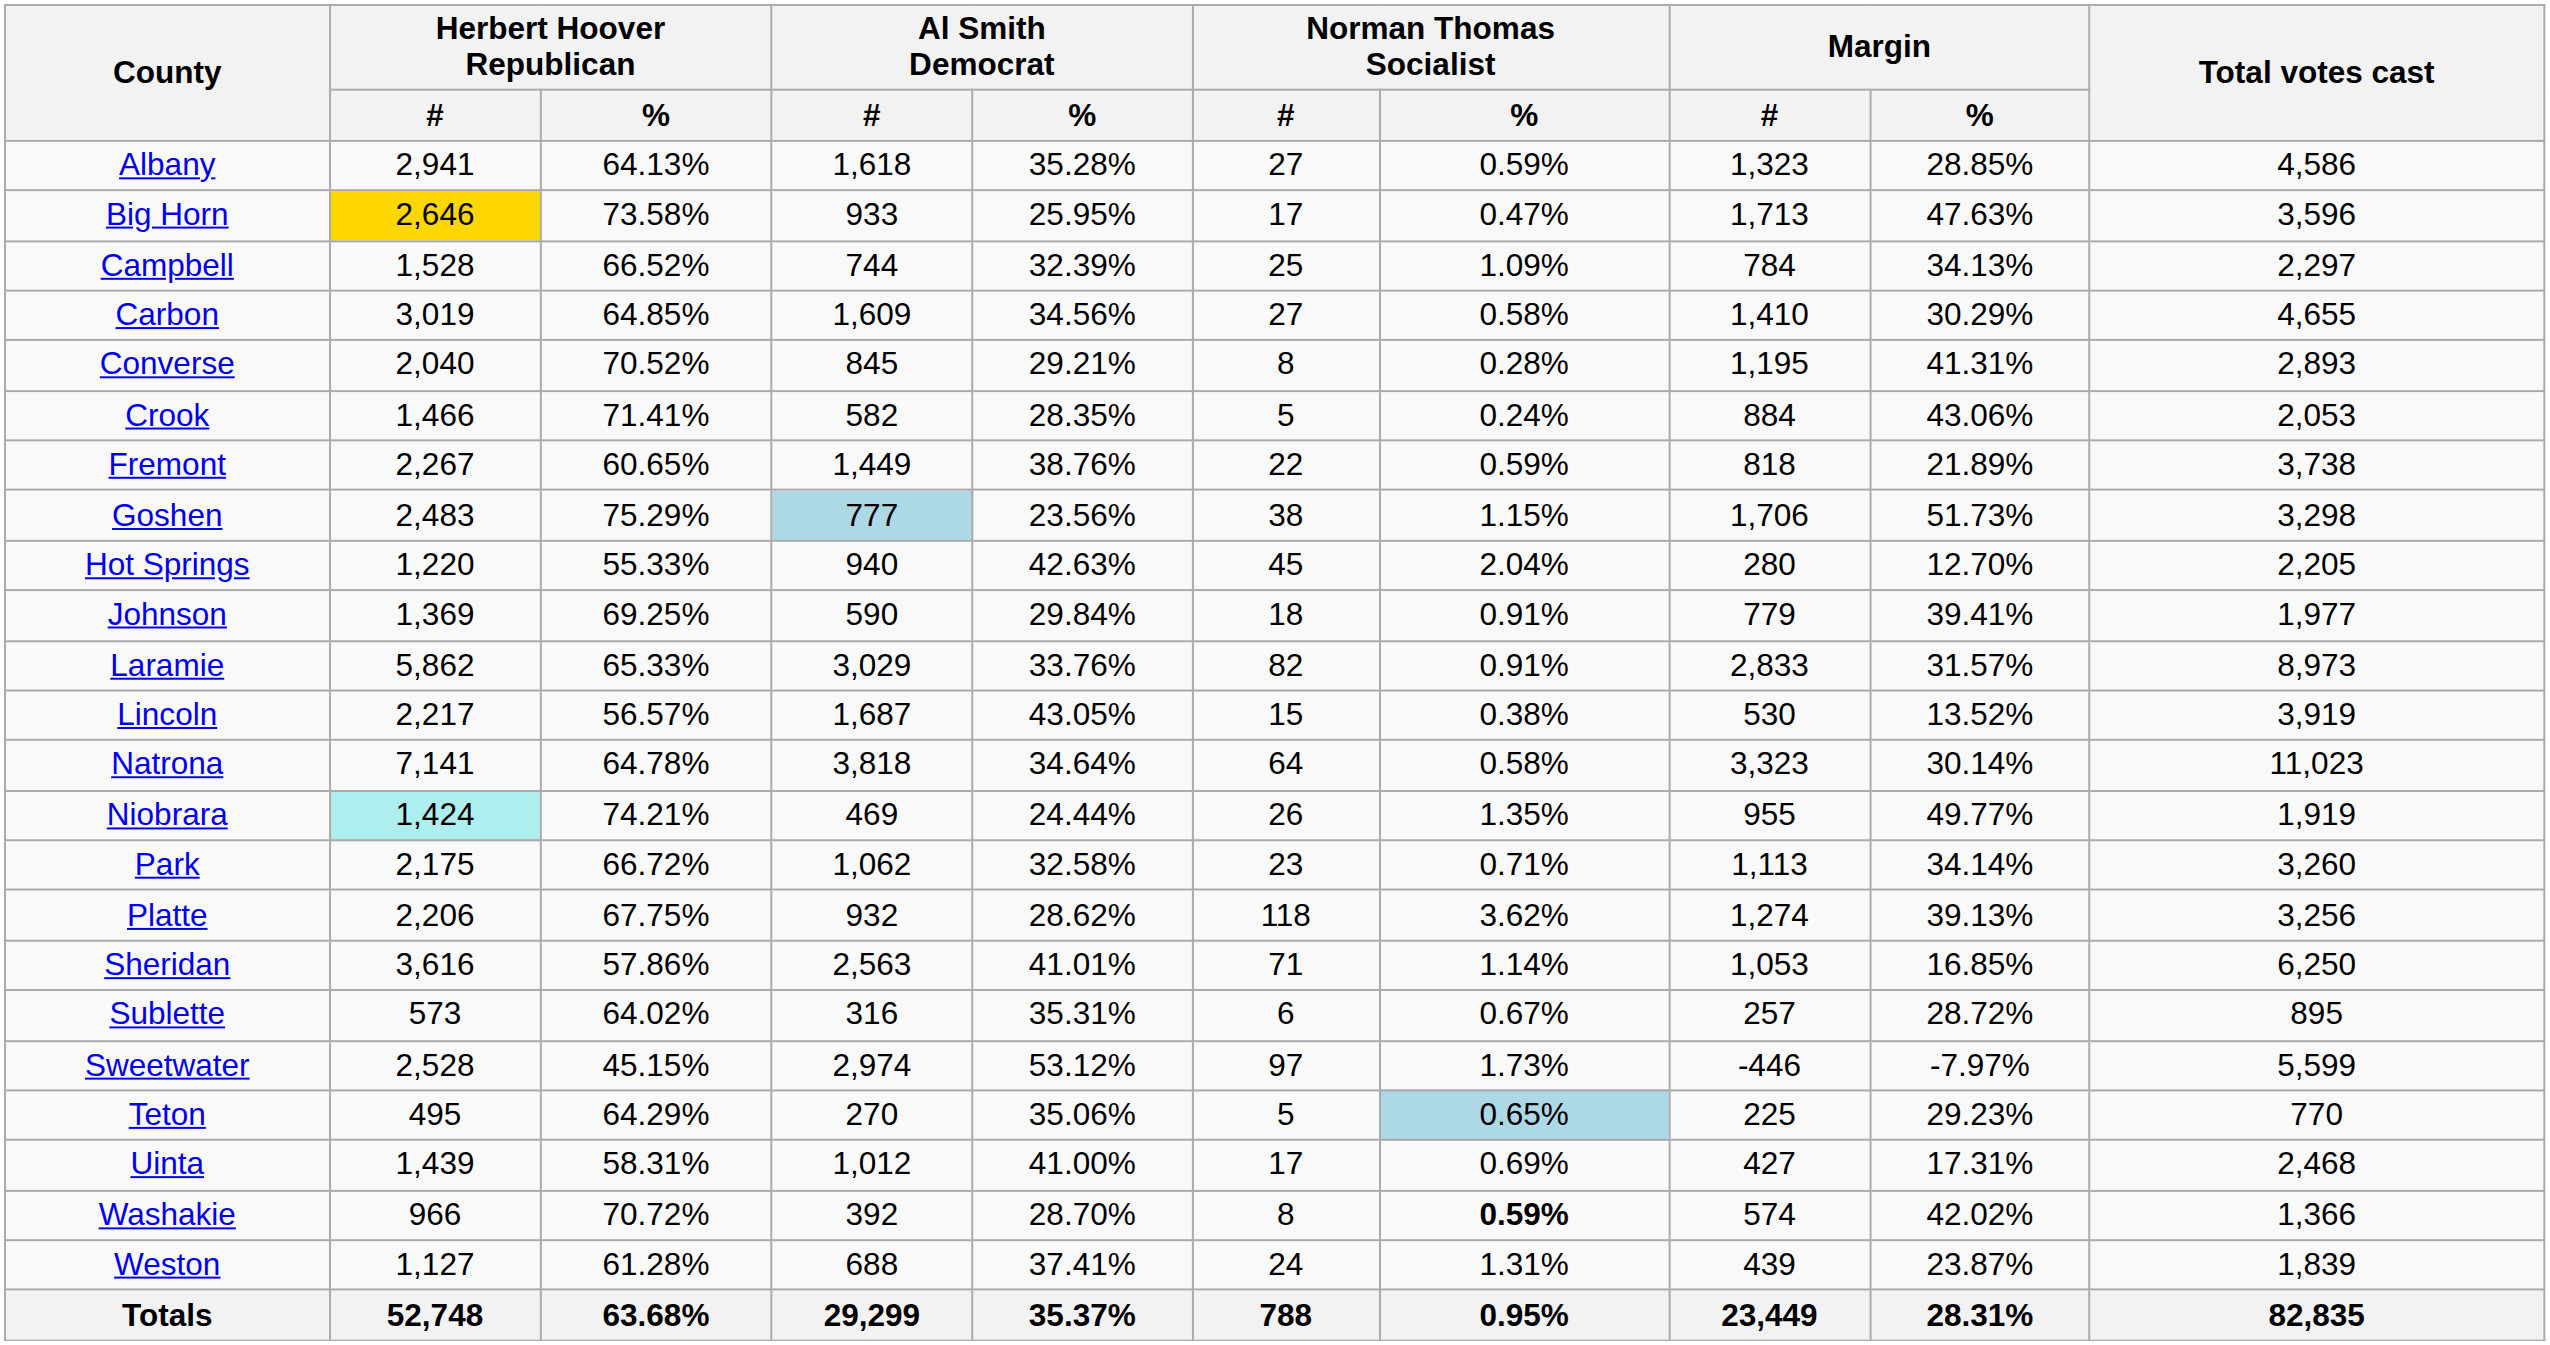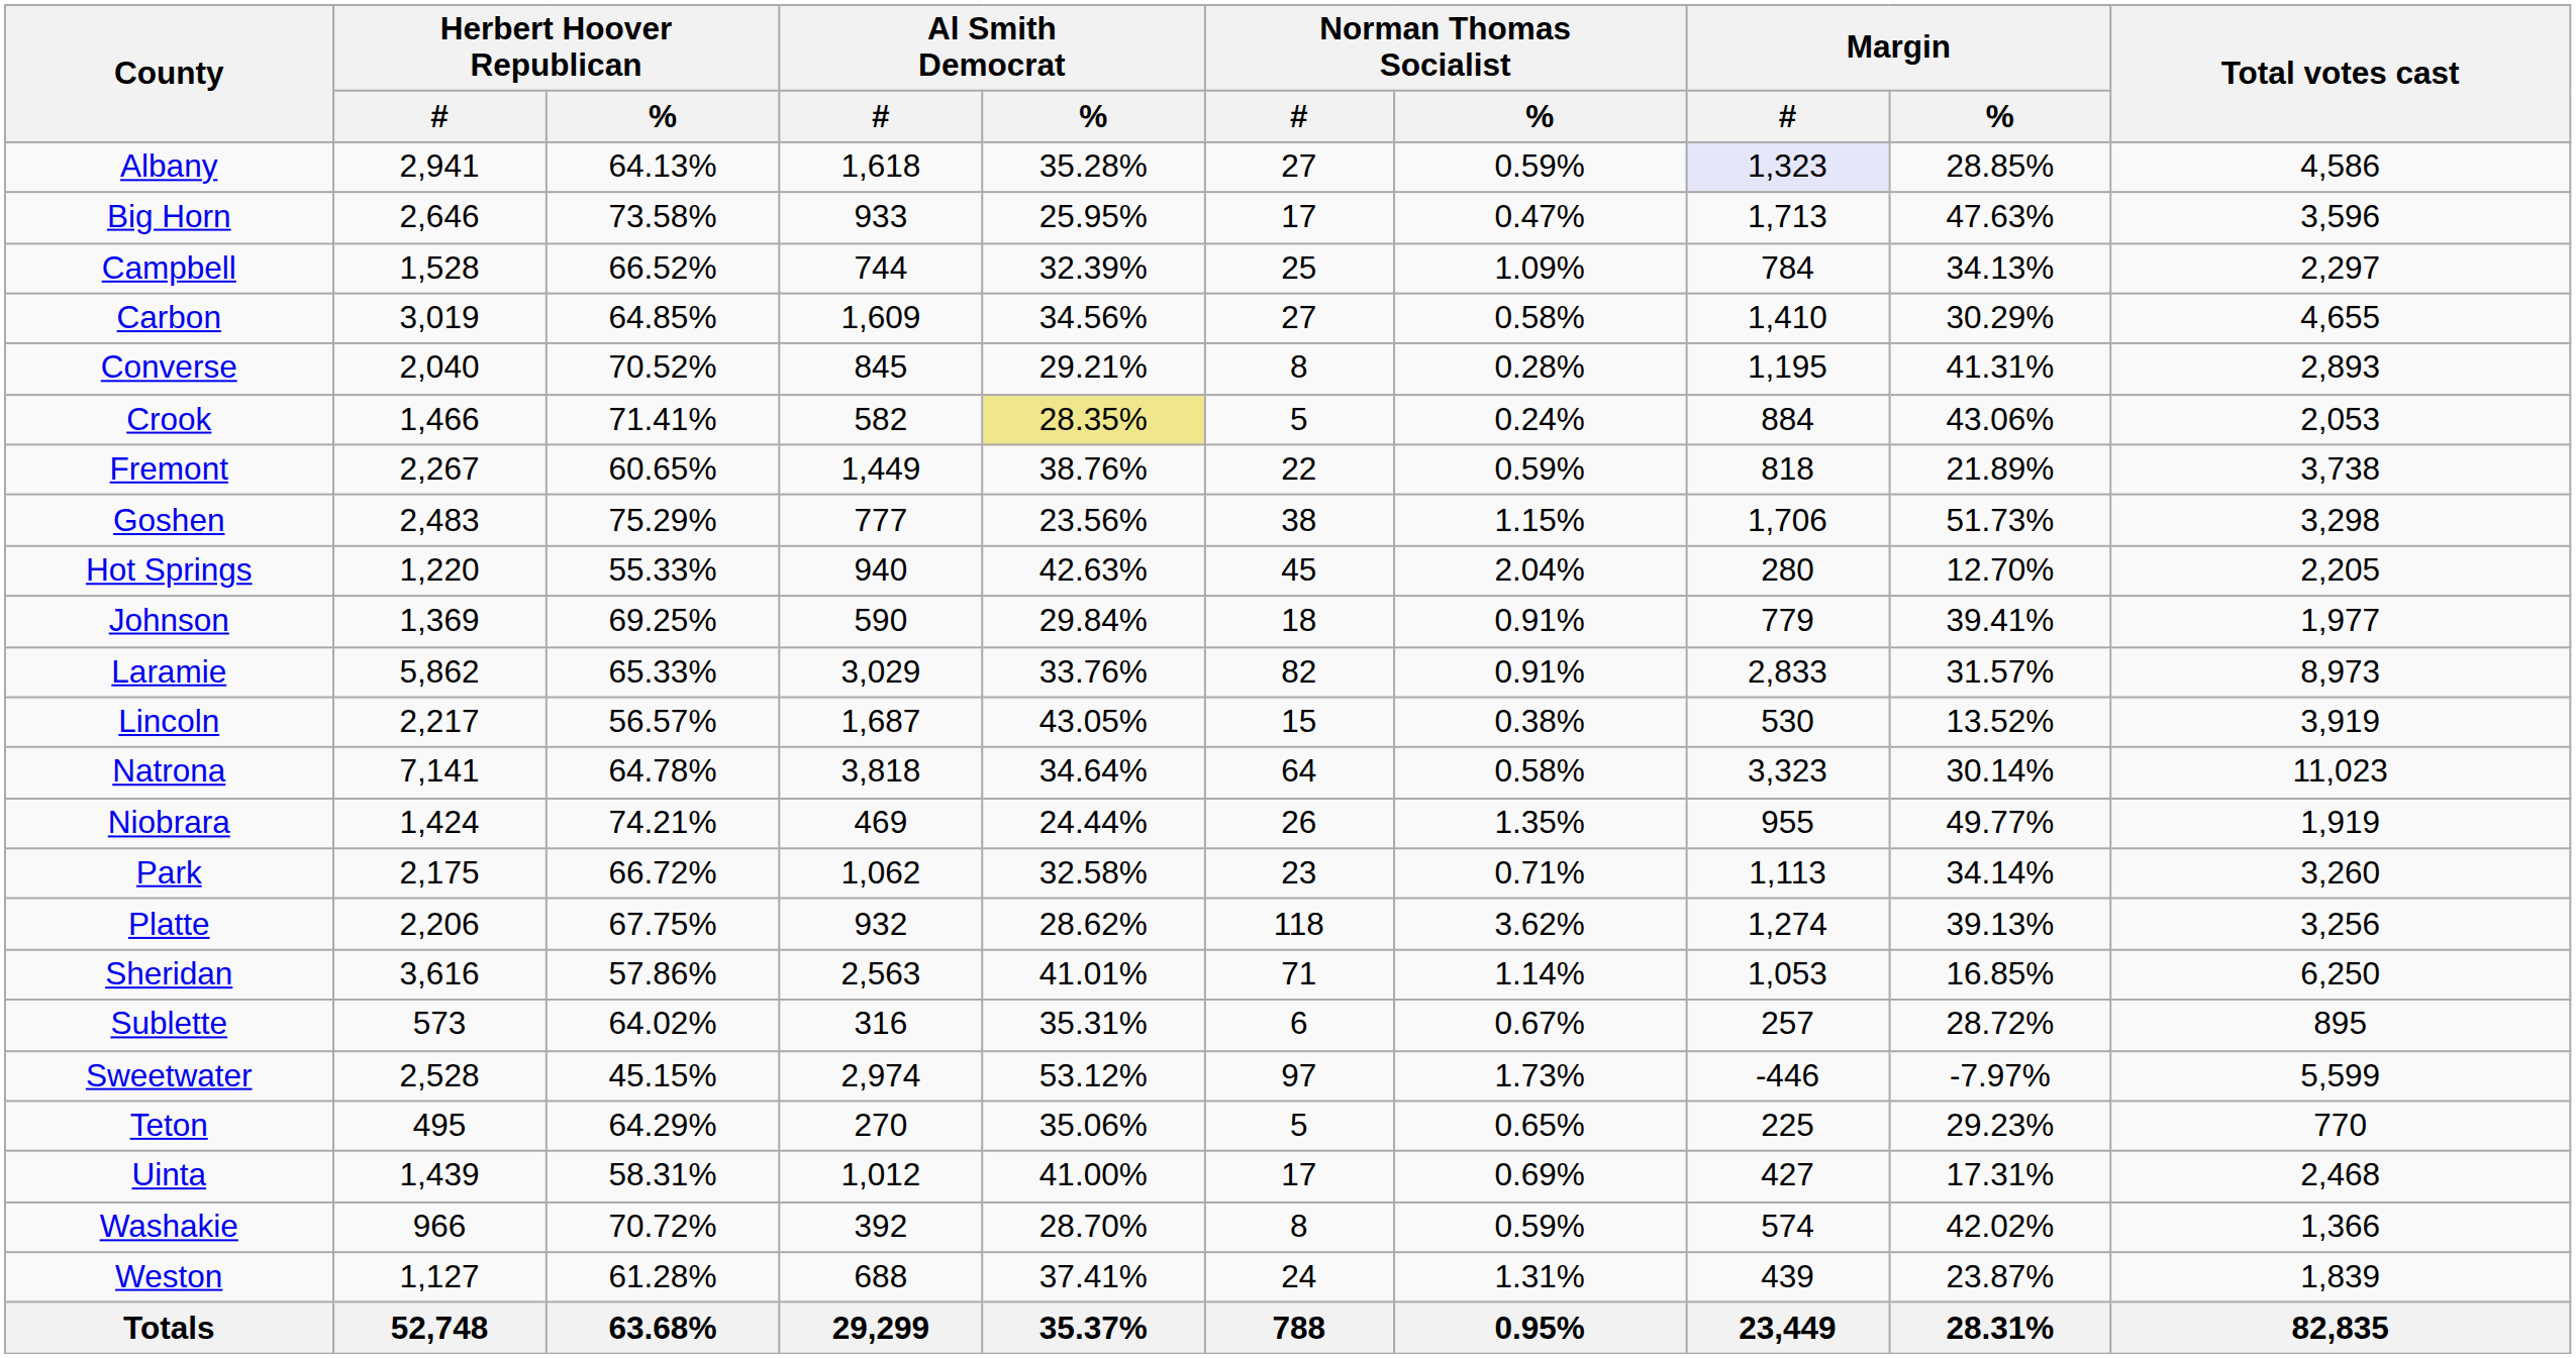 <table width="65%"  class="wikitable sortable" style="text-align:center">
 <tr>
 <th style="text-align:center;" rowspan="2">County</th>
 <th style="text-align:center;" colspan="2">Herbert Hoover<br>Republican</th>
 <th style="text-align:center;" colspan="2">Al Smith<br>Democrat</th>
 <th style="text-align:center;" colspan="2">Norman Thomas<br>Socialist</th>
 <th style="text-align:center;" colspan="2">Margin</th>
 <th style="text-align:center;" rowspan="2">Total votes cast</th>
 </tr>
 <tr>
 <th style="text-align:center;" data-sort-type="number">#</th>
 <th style="text-align:center;" data-sort-type="number">%</th>
 <th style="text-align:center;" data-sort-type="number">#</th>
 <th style="text-align:center;" data-sort-type="number">%</th>
 <th style="text-align:center;" data-sort-type="number">#</th>
 <th style="text-align:center;" data-sort-type="number">%</th>
 <th style="text-align:center;" data-sort-type="number">#</th>
 <th style="text-align:center;" data-sort-type="number">%</th>
 </tr>
 <tr style="text-align:center;">
 <td><a href='#'>Albany</a></td>
 <td>2,941</td>
 <td>64.13%</td>
 <td>1,618</td>
 <td>35.28%</td>
 <td>27</td>
 <td>0.59%</td>
-<td>1,323</td>
+<td style="background: lavender;">1,323</td>
 <td>28.85%</td>
 <td>4,586</td>
 </tr>
 <tr style="text-align:center;">
 <td><a href='#'>Big Horn</a></td>
-<td style="background: gold;">2,646</td>
+<td>2,646</td>
 <td>73.58%</td>
 <td>933</td>
 <td>25.95%</td>
 <td>17</td>
 <td>0.47%</td>
 <td>1,713</td>
 <td>47.63%</td>
 <td>3,596</td>
 </tr>
 <tr style="text-align:center;">
 <td><a href='#'>Campbell</a></td>
 <td>1,528</td>
 <td>66.52%</td>
 <td>744</td>
 <td>32.39%</td>
 <td>25</td>
 <td>1.09%</td>
 <td>784</td>
 <td>34.13%</td>
 <td>2,297</td>
 </tr>
 <tr style="text-align:center;">
 <td><a href='#'>Carbon</a></td>
 <td>3,019</td>
 <td>64.85%</td>
 <td>1,609</td>
 <td>34.56%</td>
 <td>27</td>
 <td>0.58%</td>
 <td>1,410</td>
 <td>30.29%</td>
 <td>4,655</td>
 </tr>
 <tr style="text-align:center;">
 <td><a href='#'>Converse</a></td>
 <td>2,040</td>
 <td>70.52%</td>
 <td>845</td>
 <td>29.21%</td>
 <td>8</td>
 <td>0.28%</td>
 <td>1,195</td>
 <td>41.31%</td>
 <td>2,893</td>
 </tr>
 <tr style="text-align:center;">
 <td><a href='#'>Crook</a></td>
 <td>1,466</td>
 <td>71.41%</td>
 <td>582</td>
-<td>28.35%</td>
+<td style="background: khaki;">28.35%</td>
 <td>5</td>
 <td>0.24%</td>
 <td>884</td>
 <td>43.06%</td>
 <td>2,053</td>
 </tr>
 <tr style="text-align:center;">
 <td><a href='#'>Fremont</a></td>
 <td>2,267</td>
 <td>60.65%</td>
 <td>1,449</td>
 <td>38.76%</td>
 <td>22</td>
 <td>0.59%</td>
 <td>818</td>
 <td>21.89%</td>
 <td>3,738</td>
 </tr>
 <tr style="text-align:center;">
 <td><a href='#'>Goshen</a></td>
 <td>2,483</td>
 <td>75.29%</td>
-<td style="background: lightblue;">777</td>
+<td>777</td>
 <td>23.56%</td>
 <td>38</td>
 <td>1.15%</td>
 <td>1,706</td>
 <td>51.73%</td>
 <td>3,298</td>
 </tr>
 <tr style="text-align:center;">
 <td><a href='#'>Hot Springs</a></td>
 <td>1,220</td>
 <td>55.33%</td>
 <td>940</td>
 <td>42.63%</td>
 <td>45</td>
 <td>2.04%</td>
 <td>280</td>
 <td>12.70%</td>
 <td>2,205</td>
 </tr>
 <tr style="text-align:center;">
 <td><a href='#'>Johnson</a></td>
 <td>1,369</td>
 <td>69.25%</td>
 <td>590</td>
 <td>29.84%</td>
 <td>18</td>
 <td>0.91%</td>
 <td>779</td>
 <td>39.41%</td>
 <td>1,977</td>
 </tr>
 <tr style="text-align:center;">
 <td><a href='#'>Laramie</a></td>
 <td>5,862</td>
 <td>65.33%</td>
 <td>3,029</td>
 <td>33.76%</td>
 <td>82</td>
 <td>0.91%</td>
 <td>2,833</td>
 <td>31.57%</td>
 <td>8,973</td>
 </tr>
 <tr style="text-align:center;">
 <td><a href='#'>Lincoln</a></td>
 <td>2,217</td>
 <td>56.57%</td>
 <td>1,687</td>
 <td>43.05%</td>
 <td>15</td>
 <td>0.38%</td>
 <td>530</td>
 <td>13.52%</td>
 <td>3,919</td>
 </tr>
 <tr style="text-align:center;">
 <td><a href='#'>Natrona</a></td>
 <td>7,141</td>
 <td>64.78%</td>
 <td>3,818</td>
 <td>34.64%</td>
 <td>64</td>
 <td>0.58%</td>
 <td>3,323</td>
 <td>30.14%</td>
 <td>11,023</td>
 </tr>
 <tr style="text-align:center;">
 <td><a href='#'>Niobrara</a></td>
-<td style="background: paleturquoise;">1,424</td>
+<td>1,424</td>
 <td>74.21%</td>
 <td>469</td>
 <td>24.44%</td>
 <td>26</td>
 <td>1.35%</td>
 <td>955</td>
 <td>49.77%</td>
 <td>1,919</td>
 </tr>
 <tr style="text-align:center;">
 <td><a href='#'>Park</a></td>
 <td>2,175</td>
 <td>66.72%</td>
 <td>1,062</td>
 <td>32.58%</td>
 <td>23</td>
 <td>0.71%</td>
 <td>1,113</td>
 <td>34.14%</td>
 <td>3,260</td>
 </tr>
 <tr style="text-align:center;">
 <td><a href='#'>Platte</a></td>
 <td>2,206</td>
 <td>67.75%</td>
 <td>932</td>
 <td>28.62%</td>
 <td>118</td>
 <td>3.62%</td>
 <td>1,274</td>
 <td>39.13%</td>
 <td>3,256</td>
 </tr>
 <tr style="text-align:center;">
 <td><a href='#'>Sheridan</a></td>
 <td>3,616</td>
 <td>57.86%</td>
 <td>2,563</td>
 <td>41.01%</td>
 <td>71</td>
 <td>1.14%</td>
 <td>1,053</td>
 <td>16.85%</td>
 <td>6,250</td>
 </tr>
 <tr style="text-align:center;">
 <td><a href='#'>Sublette</a></td>
 <td>573</td>
 <td>64.02%</td>
 <td>316</td>
 <td>35.31%</td>
 <td>6</td>
 <td>0.67%</td>
 <td>257</td>
 <td>28.72%</td>
 <td>895</td>
 </tr>
 <tr style="text-align:center;">
 <td><a href='#'>Sweetwater</a></td>
 <td>2,528</td>
 <td>45.15%</td>
 <td>2,974</td>
 <td>53.12%</td>
 <td>97</td>
 <td>1.73%</td>
 <td>-446</td>
 <td>-7.97%</td>
 <td>5,599</td>
 </tr>
 <tr style="text-align:center;">
 <td><a href='#'>Teton</a></td>
 <td>495</td>
 <td>64.29%</td>
 <td>270</td>
 <td>35.06%</td>
 <td>5</td>
-<td style="background: lightblue;">0.65%</td>
+<td>0.65%</td>
 <td>225</td>
 <td>29.23%</td>
 <td>770</td>
 </tr>
 <tr style="text-align:center;">
 <td><a href='#'>Uinta</a></td>
 <td>1,439</td>
 <td>58.31%</td>
 <td>1,012</td>
 <td>41.00%</td>
 <td>17</td>
 <td>0.69%</td>
 <td>427</td>
 <td>17.31%</td>
 <td>2,468</td>
 </tr>
 <tr style="text-align:center;">
 <td><a href='#'>Washakie</a></td>
 <td>966</td>
 <td>70.72%</td>
 <td>392</td>
 <td>28.70%</td>
 <td>8</td>
-<td><strong>0.59%</strong></td>
+<td>0.59%</td>
 <td>574</td>
 <td>42.02%</td>
 <td>1,366</td>
 </tr>
 <tr style="text-align:center;">
 <td><a href='#'>Weston</a></td>
 <td>1,127</td>
 <td>61.28%</td>
 <td>688</td>
 <td>37.41%</td>
 <td>24</td>
 <td>1.31%</td>
 <td>439</td>
 <td>23.87%</td>
 <td>1,839</td>
 </tr>
 <tr style="text-align:center;">
 <th>Totals</th>
 <th>52,748</th>
 <th>63.68%</th>
 <th>29,299</th>
 <th>35.37%</th>
 <th>788</th>
 <th>0.95%</th>
 <th>23,449</th>
 <th>28.31%</th>
 <th>82,835</th>
 </tr>
 </table>
